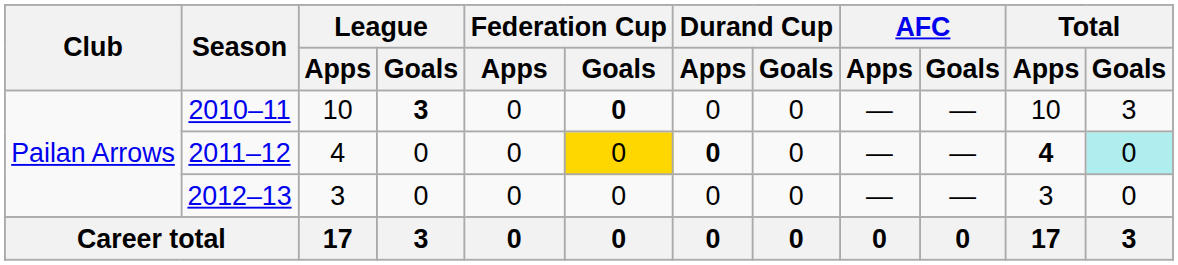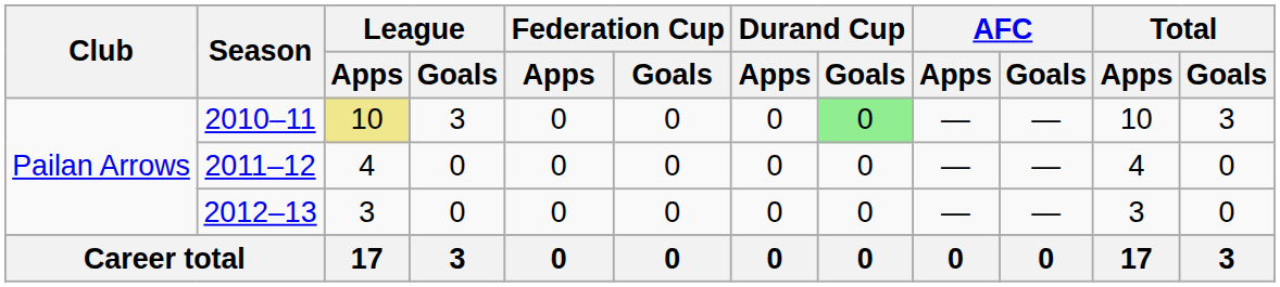 <table class="wikitable" style="font-size:90%; text-align:center;">
 <tr>
 <th rowspan="2">Club</th>
 <th rowspan="2">Season</th>
 <th colspan="2">League</th>
 <th colspan="2">Federation Cup</th>
 <th colspan="2">Durand Cup</th>
 <th colspan="2"><a href='#'>AFC</a></th>
 <th colspan="2">Total</th>
 </tr>
 <tr>
 <th>Apps</th>
 <th>Goals</th>
 <th>Apps</th>
 <th>Goals</th>
 <th>Apps</th>
 <th>Goals</th>
 <th>Apps</th>
 <th>Goals</th>
 <th>Apps</th>
 <th>Goals</th>
 </tr>
 <tr>
 <td rowspan="3"><a href='#'>Pailan Arrows</a></td>
 <td><a href='#'>2010–11</a></td>
-<td>10</td>
-<td><strong>3</strong></td>
-<td>0</td>
-<td><strong>0</strong></td>
+<td style="background: khaki;">10</td>
+<td>3</td>
 <td>0</td>
 <td>0</td>
+<td>0</td>
+<td style="background: lightgreen;">0</td>
 <td>—</td>
 <td>—</td>
 <td>10</td>
 <td>3</td>
 </tr>
 <tr>
 <td><a href='#'>2011–12</a></td>
 <td>4</td>
 <td>0</td>
 <td>0</td>
-<td style="background: gold;">0</td>
-<td><strong>0</strong></td>
+<td>0</td>
+<td>0</td>
 <td>0</td>
 <td>—</td>
 <td>—</td>
-<td><strong>4</strong></td>
-<td style="background: paleturquoise;">0</td>
+<td>4</td>
+<td>0</td>
 </tr>
 <tr>
 <td><a href='#'>2012–13</a></td>
 <td>3</td>
 <td>0</td>
 <td>0</td>
 <td>0</td>
 <td>0</td>
 <td>0</td>
 <td>—</td>
 <td>—</td>
 <td>3</td>
 <td>0</td>
 </tr>
 <tr>
 <th colspan="2">Career total</th>
 <th>17</th>
 <th>3</th>
 <th>0</th>
 <th>0</th>
 <th>0</th>
 <th>0</th>
 <th>0</th>
 <th>0</th>
 <th>17</th>
 <th>3</th>
 </tr>
 </table>
